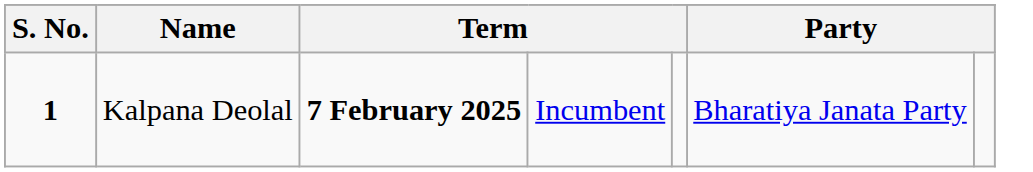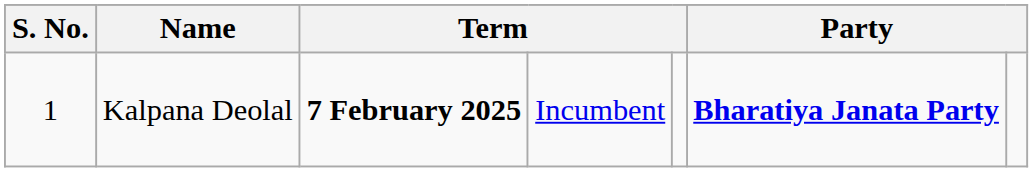 <table class="wikitable sortable">
 <tr>
 <th scope="col">S. No.</th>
 <th>Name</th>
 <th colspan=3>Term</th>
 <th colspan=2>Party</th>
 </tr>
 <tr style="text-align:center; height:60px;">
-<td><strong>1</strong></td>
+<td>1</td>
 <td>Kalpana Deolal</td>
 <td><strong>7 February 2025</strong></td>
 <td><a href='#'>Incumbent</a></td>
 <td></td>
-<td><a href='#'>Bharatiya Janata Party</a></td>
+<td><strong><a href='#'>Bharatiya Janata Party</a></strong></td>
 <td width="4px" style="background-color: "></td>
 </tr>
 </table>
